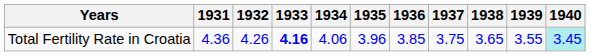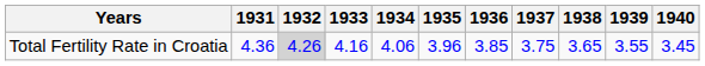 <table class="wikitable " style="text-align:right">
 <tr>
 <th>Years</th>
 <th>1931</th>
 <th>1932</th>
 <th>1933</th>
 <th>1934</th>
 <th>1935</th>
 <th>1936</th>
 <th>1937</th>
 <th>1938</th>
 <th>1939</th>
 <th>1940</th>
 </tr>
 <tr>
 <td align="left">Total Fertility Rate in Croatia</td>
 <td style="text-align:right; color:blue;">4.36</td>
-<td style="text-align:right; color:blue;">4.26</td>
-<td style="text-align:right; color:blue;"><strong>4.16</strong></td>
+<td style="background: lightgrey; text-align:right; color:blue;">4.26</td>
+<td style="text-align:right; color:blue;">4.16</td>
 <td style="text-align:right; color:blue;">4.06</td>
 <td style="text-align:right; color:blue;">3.96</td>
 <td style="text-align:right; color:blue;">3.85</td>
 <td style="text-align:right; color:blue;">3.75</td>
 <td style="text-align:right; color:blue;">3.65</td>
 <td style="text-align:right; color:blue;">3.55</td>
-<td style="background: paleturquoise; text-align:right; color:blue;">3.45</td>
+<td style="text-align:right; color:blue;">3.45</td>
 </tr>
 </table>
